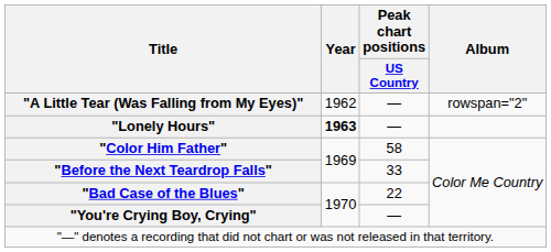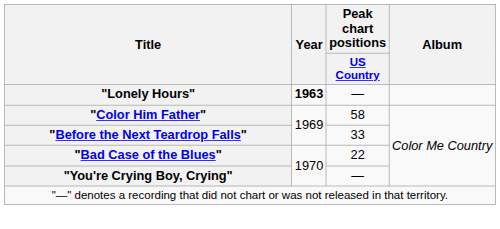 <table class="wikitable plainrowheaders" style="text-align:center;" border="1">
 <tr>
 <th scope="col" rowspan="2" style="width:22em;">Title</th>
 <th scope="col" rowspan="2">Year</th>
 <th scope="col" colspan="1">Peak chart positions</th>
 <th scope="col" rowspan="2">Album</th>
 </tr>
 <tr>
 <th scope="col" style="width:3.5em;font-size:90%;"><a href='#'>US<br>Country</a><br></th>
-</tr>
-<tr>
-<th scope="row">"A Little Tear (Was Falling from My Eyes)"</th>
-<td>1962</td>
-<td>—</td>
-<td>rowspan="2" </td>
 </tr>
 <tr>
 <th scope="row">"Lonely Hours"</th>
 <td><strong>1963</strong></td>
 <td>—</td>
 </tr>
 <tr>
 <th scope="row">"<a href='#'>Color Him Father</a>"</th>
 <td rowspan="2">1969</td>
 <td>58</td>
 <td rowspan="4"><em>Color Me Country</em></td>
 </tr>
 <tr>
 <th scope="row">"<a href='#'>Before the Next Teardrop Falls</a>"</th>
 <td>33</td>
 </tr>
 <tr>
 <th scope="row">"<a href='#'>Bad Case of the Blues</a>"</th>
 <td rowspan="2">1970</td>
 <td>22</td>
 </tr>
 <tr>
 <th scope="row">"You're Crying Boy, Crying"</th>
 <td>—</td>
 </tr>
 <tr>
 <td colspan="4" style="font-size:90%">"—" denotes a recording that did not chart or was not released in that territory.</td>
 </tr>
 </table>
